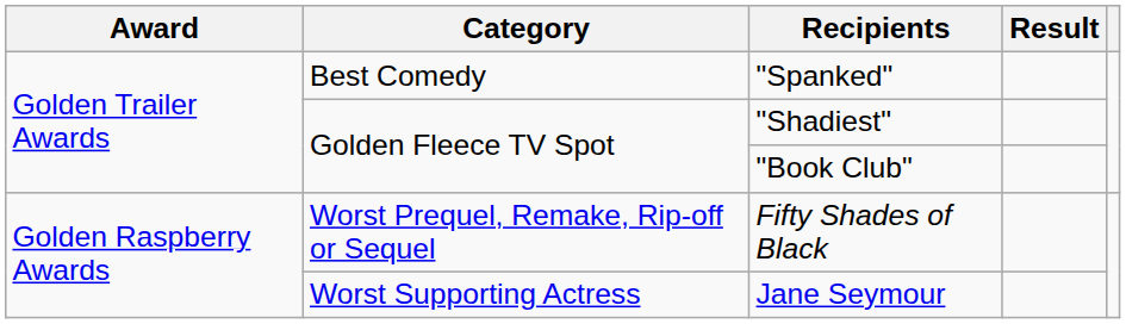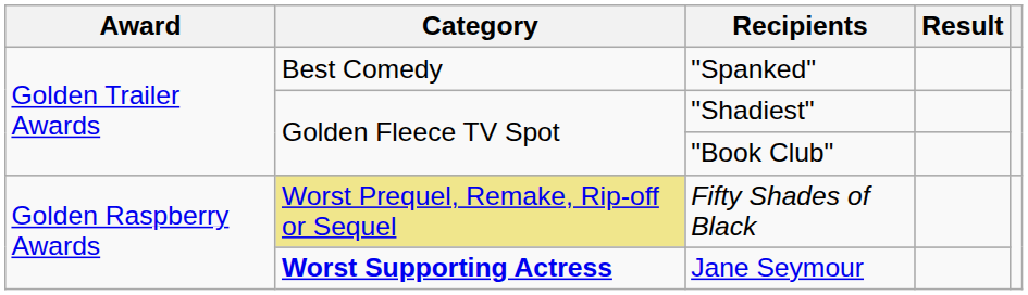 <table class="wikitable sortable plainrowheaders">
 <tr>
 <th>Award</th>
 <th>Category</th>
 <th>Recipients</th>
 <th>Result</th>
 <th></th>
 </tr>
 <tr>
 <td rowspan="3"><a href='#'>Golden Trailer Awards</a></td>
 <td>Best Comedy</td>
 <td>"Spanked"</td>
 <td></td>
 <td rowspan="3"></td>
 </tr>
 <tr>
 <td rowspan="2">Golden Fleece TV Spot</td>
 <td>"Shadiest"</td>
 <td></td>
 </tr>
 <tr>
 <td>"Book Club"</td>
 <td></td>
 </tr>
 <tr>
 <td rowspan="2"><a href='#'>Golden Raspberry Awards</a></td>
-<td><a href='#'>Worst Prequel, Remake, Rip-off or Sequel</a></td>
+<td style="background: khaki;"><a href='#'>Worst Prequel, Remake, Rip-off or Sequel</a></td>
 <td><em>Fifty Shades of Black</em></td>
 <td></td>
 <td rowspan="3"></td>
 </tr>
 <tr>
-<td><a href='#'>Worst Supporting Actress</a></td>
+<td><strong><a href='#'>Worst Supporting Actress</a></strong></td>
 <td><a href='#'>Jane Seymour</a></td>
 <td></td>
 </tr>
 </table>
